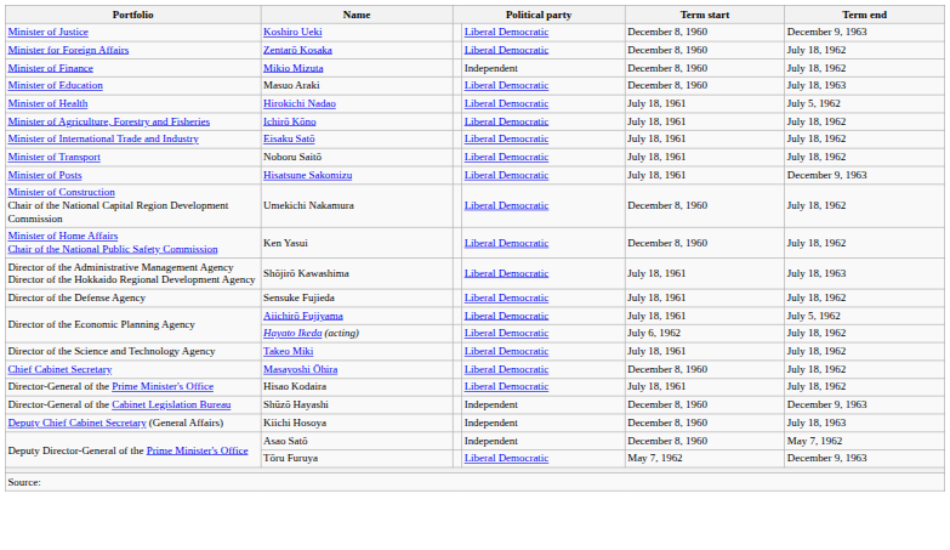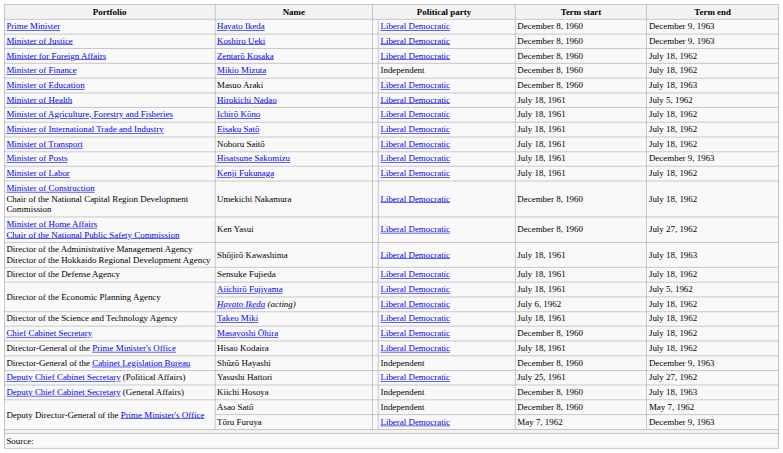 <table class="wikitable unsortable" style="font-size: 90%;">
 <tr>
 <th scope="col" width="20%">Portfolio</th>
 <th scope="col" width="15%">Name</th>
 <th colspan="2" scope="col" width="13.5%">Political party</th>
 <th scope="col" width="12.5%">Term start</th>
 <th scope="col" width="12.5%">Term end</th>
+</tr>
+<tr>
+<td style="text-align: left;"><a href='#'>Prime Minister</a></td>
+<td><a href='#'>Hayato Ikeda</a></td>
+<td width="0.5%" style="background:"></td>
+<td><a href='#'>Liberal Democratic</a></td>
+<td>December 8, 1960</td>
+<td>December 9, 1963</td>
 </tr>
 <tr>
 <td><a href='#'>Minister of Justice</a></td>
 <td><a href='#'>Koshiro Ueki</a></td>
 <td style="color:inherit;background:"></td>
 <td><a href='#'>Liberal Democratic</a></td>
 <td>December 8, 1960</td>
 <td>December 9, 1963</td>
 </tr>
 <tr>
 <td><a href='#'>Minister for Foreign Affairs</a></td>
 <td><a href='#'>Zentarō Kosaka</a></td>
 <td style="color:inherit;background:"></td>
 <td><a href='#'>Liberal Democratic</a></td>
 <td>December 8, 1960</td>
 <td>July 18, 1962</td>
 </tr>
 <tr>
 <td><a href='#'>Minister of Finance</a></td>
 <td><a href='#'>Mikio Mizuta</a></td>
 <td style="color:inherit;background:"></td>
 <td>Independent</td>
 <td>December 8, 1960</td>
 <td>July 18, 1962</td>
 </tr>
 <tr>
 <td><a href='#'>Minister of Education</a></td>
 <td>Masuo Araki</td>
 <td style="color:inherit;background:"></td>
 <td><a href='#'>Liberal Democratic</a></td>
 <td>December 8, 1960</td>
 <td>July 18, 1963</td>
 </tr>
 <tr>
 <td><a href='#'>Minister of Health</a></td>
 <td><a href='#'>Hirokichi Nadao</a></td>
 <td style="color:inherit;background:"></td>
 <td><a href='#'>Liberal Democratic</a></td>
 <td>July 18, 1961</td>
 <td>July 5, 1962</td>
 </tr>
 <tr>
 <td><a href='#'>Minister of Agriculture, Forestry and Fisheries</a></td>
 <td><a href='#'>Ichirō Kōno</a></td>
 <td style="color:inherit;background:"></td>
 <td><a href='#'>Liberal Democratic</a></td>
 <td>July 18, 1961</td>
 <td>July 18, 1962</td>
 </tr>
 <tr>
 <td><a href='#'>Minister of International Trade and Industry</a></td>
 <td><a href='#'>Eisaku Satō</a></td>
 <td style="color:inherit;background:"></td>
 <td><a href='#'>Liberal Democratic</a></td>
 <td>July 18, 1961</td>
 <td>July 18, 1962</td>
 </tr>
 <tr>
 <td><a href='#'>Minister of Transport</a></td>
 <td>Noboru Saitō</td>
 <td style="color:inherit;background:"></td>
 <td><a href='#'>Liberal Democratic</a></td>
 <td>July 18, 1961</td>
 <td>July 18, 1962</td>
 </tr>
 <tr>
 <td><a href='#'>Minister of Posts</a></td>
 <td><a href='#'>Hisatsune Sakomizu</a></td>
 <td style="color:inherit;background:"></td>
 <td><a href='#'>Liberal Democratic</a></td>
 <td>July 18, 1961</td>
 <td>December 9, 1963</td>
 </tr>
 <tr>
+<td><a href='#'>Minister of Labor</a></td>
+<td><a href='#'>Kenji Fukunaga</a></td>
+<td style="color:inherit;background:"></td>
+<td><a href='#'>Liberal Democratic</a></td>
+<td>July 18, 1961</td>
+<td>July 18, 1962</td>
+</tr>
+<tr>
 <td><a href='#'>Minister of Construction</a><br>Chair of the National Capital Region Development Commission</td>
 <td>Umekichi Nakamura</td>
 <td style="color:inherit;background:"></td>
 <td><a href='#'>Liberal Democratic</a></td>
 <td>December 8, 1960</td>
 <td>July 18, 1962</td>
 </tr>
 <tr>
 <td><a href='#'>Minister of Home Affairs</a><br><a href='#'>Chair of the National Public Safety Commission</a></td>
 <td>Ken Yasui</td>
 <td style="color:inherit;background:"></td>
 <td><a href='#'>Liberal Democratic</a></td>
 <td>December 8, 1960</td>
-<td>July 18, 1962</td>
+<td>July 27, 1962</td>
 </tr>
 <tr>
 <td>Director of the Administrative Management Agency<br>Director of the Hokkaido Regional Development Agency</td>
 <td>Shōjirō Kawashima</td>
 <td style="color:inherit;background:"></td>
 <td><a href='#'>Liberal Democratic</a></td>
 <td>July 18, 1961</td>
 <td>July 18, 1963</td>
 </tr>
 <tr>
 <td>Director of the Defense Agency</td>
 <td>Sensuke Fujieda</td>
 <td style="color:inherit;background:"></td>
 <td><a href='#'>Liberal Democratic</a></td>
 <td>July 18, 1961</td>
 <td>July 18, 1962</td>
 </tr>
 <tr>
 <td rowspan="2">Director of the Economic Planning Agency</td>
 <td><a href='#'>Aiichirō Fujiyama</a></td>
 <td style="color:inherit;background:"></td>
 <td><a href='#'>Liberal Democratic</a></td>
 <td>July 18, 1961</td>
 <td>July 5, 1962</td>
 </tr>
 <tr>
 <td><em><a href='#'>Hayato Ikeda</a> (acting)</em></td>
 <td style="color:inherit;background:"></td>
 <td><a href='#'>Liberal Democratic</a></td>
 <td>July 6, 1962</td>
 <td>July 18, 1962</td>
 </tr>
 <tr>
 <td>Director of the Science and Technology Agency</td>
 <td><a href='#'>Takeo Miki</a></td>
 <td style="color:inherit;background:"></td>
 <td><a href='#'>Liberal Democratic</a></td>
 <td>July 18, 1961</td>
 <td>July 18, 1962</td>
 </tr>
 <tr>
 <td><a href='#'>Chief Cabinet Secretary</a></td>
 <td><a href='#'>Masayoshi Ōhira</a></td>
 <td style="color:inherit;background:"></td>
 <td><a href='#'>Liberal Democratic</a></td>
 <td>December 8, 1960</td>
 <td>July 18, 1962</td>
 </tr>
 <tr>
 <td>Director-General of the <a href='#'>Prime Minister's Office</a></td>
 <td>Hisao Kodaira</td>
 <td style="color:inherit;background:"></td>
 <td><a href='#'>Liberal Democratic</a></td>
 <td>July 18, 1961</td>
 <td>July 18, 1962</td>
 </tr>
 <tr>
 <td>Director-General of the <a href='#'>Cabinet Legislation Bureau</a></td>
 <td>Shūzō Hayashi</td>
 <td style="color:inherit;background:"></td>
 <td>Independent</td>
 <td>December 8, 1960</td>
 <td>December 9, 1963</td>
 </tr>
 <tr>
+<td><a href='#'>Deputy Chief Cabinet Secretary</a> (Political Affairs)</td>
+<td>Yasushi Hattori</td>
+<td style="color:inherit;background:"></td>
+<td><a href='#'>Liberal Democratic</a></td>
+<td>July 25, 1961</td>
+<td>July 27, 1962</td>
+</tr>
+<tr>
 <td><a href='#'>Deputy Chief Cabinet Secretary</a> (General Affairs)</td>
 <td>Kiichi Hosoya</td>
 <td style="color:inherit;background:"></td>
 <td>Independent</td>
 <td>December 8, 1960</td>
 <td>July 18, 1963</td>
 </tr>
 <tr>
 <td rowspan="2">Deputy Director-General of the <a href='#'>Prime Minister's Office</a></td>
 <td>Asao Satō</td>
 <td style="color:inherit;background:"></td>
 <td>Independent</td>
 <td>December 8, 1960</td>
 <td>May 7, 1962</td>
 </tr>
 <tr>
 <td>Tōru Furuya</td>
 <td style="color:inherit;background:"></td>
 <td><a href='#'>Liberal Democratic</a></td>
 <td>May 7, 1962</td>
 <td>December 9, 1963</td>
 </tr>
 <tr>
 <th colspan="6"></th>
 </tr>
 <tr>
 <td colspan="6">Source:</td>
 </tr>
 </table>
